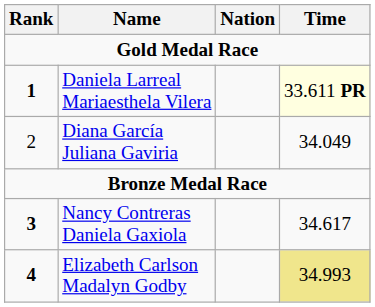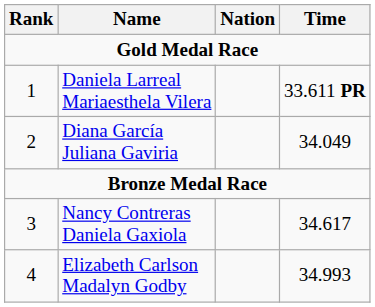 <table class="wikitable" style="text-align:center">
 <tr>
 <th>Rank</th>
 <th>Name</th>
 <th>Nation</th>
 <th>Time</th>
 </tr>
 <tr>
 <td colspan=4><strong>Gold Medal Race</strong></td>
 </tr>
 <tr>
-<td><strong>1</strong></td>
+<td>1</td>
 <td align=left><a href='#'>Daniela Larreal</a><br><a href='#'>Mariaesthela Vilera</a></td>
 <td align=left></td>
-<td style="background: lightyellow;">33.611 <strong>PR</strong></td>
+<td>33.611 <strong>PR</strong></td>
 </tr>
 <tr>
 <td>2</td>
 <td align=left><a href='#'>Diana García</a><br><a href='#'>Juliana Gaviria</a></td>
 <td align=left></td>
 <td>34.049</td>
 </tr>
 <tr>
 <td colspan=4><strong>Bronze Medal Race</strong></td>
 </tr>
 <tr>
-<td><strong>3</strong></td>
+<td>3</td>
 <td align=left><a href='#'>Nancy Contreras</a><br><a href='#'>Daniela Gaxiola</a></td>
 <td align=left></td>
 <td>34.617</td>
 </tr>
 <tr>
-<td><strong>4</strong></td>
+<td>4</td>
 <td align=left><a href='#'>Elizabeth Carlson</a><br><a href='#'>Madalyn Godby</a></td>
 <td align=left></td>
-<td style="background: khaki;">34.993</td>
+<td>34.993</td>
 </tr>
 </table>
